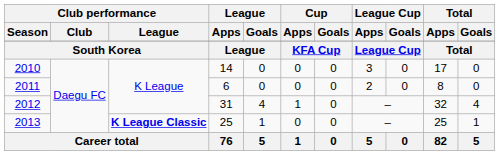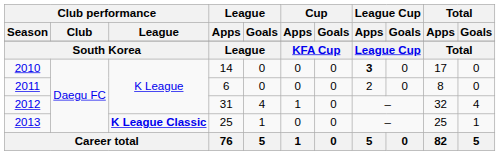 <table class="wikitable" style="text-align:center">
 <tr>
 <th colspan=3>Club performance</th>
 <th colspan=2>League</th>
 <th colspan=2>Cup</th>
 <th colspan=2>League Cup</th>
 <th colspan=2>Total</th>
 </tr>
 <tr>
 <th>Season</th>
 <th>Club</th>
 <th>League</th>
 <th>Apps</th>
 <th>Goals</th>
 <th>Apps</th>
 <th>Goals</th>
 <th>Apps</th>
 <th>Goals</th>
 <th>Apps</th>
 <th>Goals</th>
 </tr>
 <tr>
 </tr>
 <tr>
 <th colspan=3>South Korea</th>
 <th colspan=2>League</th>
 <th colspan=2><a href='#'>KFA Cup</a></th>
 <th colspan=2><a href='#'>League Cup</a></th>
 <th colspan=2>Total</th>
 </tr>
 <tr>
 <td><a href='#'>2010</a></td>
 <td rowspan="4"><a href='#'>Daegu FC</a></td>
 <td rowspan="3"><a href='#'>K League</a></td>
 <td>14</td>
 <td>0</td>
 <td>0</td>
 <td>0</td>
-<td>3</td>
+<td><strong>3</strong></td>
 <td>0</td>
 <td>17</td>
 <td>0</td>
 </tr>
 <tr>
 <td><a href='#'>2011</a></td>
 <td>6</td>
 <td>0</td>
 <td>0</td>
 <td>0</td>
 <td>2</td>
 <td>0</td>
 <td>8</td>
 <td>0</td>
 </tr>
 <tr>
 <td><a href='#'>2012</a></td>
 <td>31</td>
 <td>4</td>
 <td>1</td>
 <td>0</td>
 <td colspan="2">–</td>
 <td>32</td>
 <td>4</td>
 </tr>
 <tr>
 <td><a href='#'>2013</a></td>
 <td rowspan="1"><strong><a href='#'>K League Classic</a></strong></td>
 <td>25</td>
 <td>1</td>
 <td>0</td>
 <td>0</td>
 <td colspan="2">–</td>
 <td>25</td>
 <td>1</td>
 </tr>
 <tr>
 <th colspan=3>Career total</th>
 <th>76</th>
 <th>5</th>
 <th>1</th>
 <th>0</th>
 <th>5</th>
 <th>0</th>
 <th>82</th>
 <th>5</th>
 </tr>
 </table>
